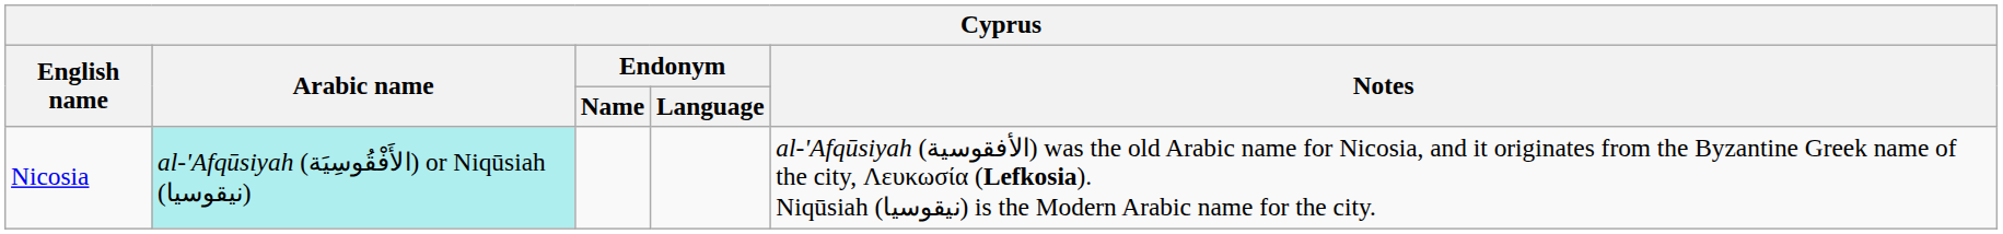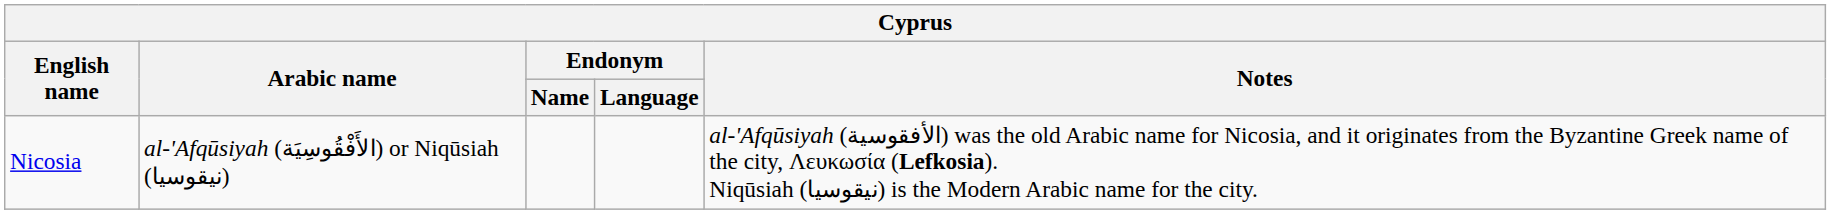 <table class="wikitable sortable">
 <tr>
 <th colspan="5">Cyprus</th>
 </tr>
 <tr>
 <th rowspan="2">English name</th>
 <th rowspan="2">Arabic name</th>
 <th colspan="2">Endonym</th>
 <th rowspan="2">Notes</th>
 </tr>
 <tr>
 <th>Name</th>
 <th>Language</th>
 </tr>
 <tr>
 <td><a href='#'>Nicosia</a></td>
-<td style="background: paleturquoise;"><em>al-'Afqūsiyah</em> (الأَفْقُوسِيَة) or Niqūsiah (نيقوسيا)</td>
+<td><em>al-'Afqūsiyah</em> (الأَفْقُوسِيَة) or Niqūsiah (نيقوسيا)</td>
 <td></td>
 <td></td>
 <td><em>al-'Afqūsiyah</em> (الأفقوسية) was the old Arabic name for Nicosia, and it originates from the Byzantine Greek name of the city, Λευκωσία (<strong>Lefkosia</strong>).<br>Niqūsiah (نيقوسيا) is the Modern Arabic name for the city.</td>
 </tr>
 </table>
